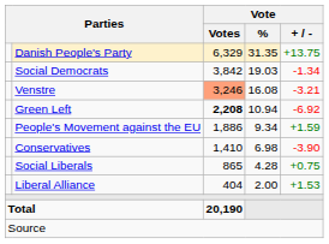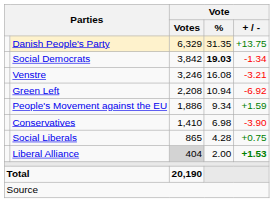 <table class="wikitable" style="text-align:right;">
 <tr>
 <th style="text-align:centre;" rowspan="2" colspan="2" width="225">Parties</th>
 <th colspan="3">Vote</th>
 </tr>
 <tr>
 <th width="15">Votes</th>
 <th width="15">%</th>
 <th width="15">+ / -</th>
 </tr>
 <tr>
 <td width="2" style="color:inherit;background:"></td>
 <td bgcolor=#fef2cc   align="left"><a href='#'>Danish People's Party</a></td>
 <td bgcolor=#fef2cc>6,329</td>
 <td bgcolor=#fef2cc>31.35</td>
 <td style=color:green;>+13.75</td>
 </tr>
 <tr>
 <td width="2" style="color:inherit;background:"></td>
 <td align="left"><a href='#'>Social Democrats</a></td>
 <td>3,842</td>
-<td>19.03</td>
+<td><strong>19.03</strong></td>
 <td style=color:red;>-1.34</td>
 </tr>
 <tr>
 <td width="2" style="color:inherit;background:"></td>
 <td align="left"><a href='#'>Venstre</a></td>
-<td style="background: lightsalmon;">3,246</td>
+<td>3,246</td>
 <td>16.08</td>
 <td style=color:red;>-3.21</td>
 </tr>
 <tr>
 <td width="2" style="color:inherit;background:"></td>
 <td align="left"><a href='#'>Green Left</a></td>
-<td><strong>2,208</strong></td>
+<td>2,208</td>
 <td>10.94</td>
 <td style=color:red;>-6.92</td>
 </tr>
 <tr>
 <td width="2" style="color:inherit;background:"></td>
 <td align="left"><a href='#'>People's Movement against the EU</a></td>
 <td>1,886</td>
 <td>9.34</td>
 <td style=color:green;>+1.59</td>
 </tr>
 <tr>
 <td width="2" style="color:inherit;background:"></td>
 <td align="left"><a href='#'>Conservatives</a></td>
 <td>1,410</td>
 <td>6.98</td>
 <td style=color:red;>-3.90</td>
 </tr>
 <tr>
 <td width="2" style="color:inherit;background:"></td>
 <td align="left"><a href='#'>Social Liberals</a></td>
 <td>865</td>
 <td>4.28</td>
 <td style=color:green;>+0.75</td>
 </tr>
 <tr>
 <td width="2" style="color:inherit;background:"></td>
 <td align="left"><a href='#'>Liberal Alliance</a></td>
-<td>404</td>
+<td style="background: lightgrey;">404</td>
 <td>2.00</td>
-<td style=color:green;>+1.53</td>
+<td style=color:green;><strong>+1.53</strong></td>
 </tr>
 <tr>
 <td colspan="7" bgcolor="#E9E9E9"></td>
 </tr>
 <tr>
 <td align="left" colspan="2"><strong>Total</strong></td>
 <td><strong>20,190</strong></td>
 <td bgcolor="#E9E9E9" colspan="2"></td>
 </tr>
 <tr>
 <td align="left" colspan="6">Source</td>
 </tr>
 </table>
